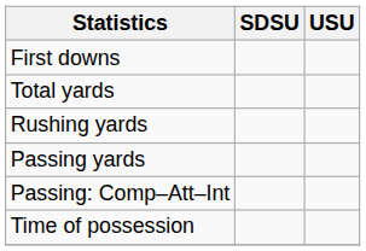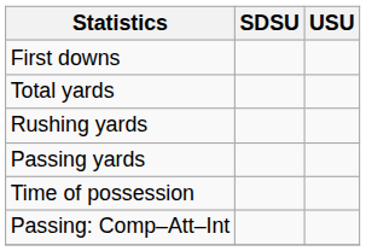 <table class="wikitable" style="float: left;">
 <tr>
 <th>Statistics</th>
 <th>SDSU</th>
 <th>USU</th>
 </tr>
 <tr>
 <td>First downs</td>
 <td></td>
 <td></td>
 </tr>
 <tr>
 <td>Total yards</td>
 <td></td>
 <td></td>
 </tr>
 <tr>
 <td>Rushing yards</td>
 <td></td>
 <td></td>
 </tr>
 <tr>
 <td>Passing yards</td>
 <td></td>
 <td></td>
 </tr>
 <tr>
-<td>Passing: Comp–Att–Int</td>
+<td>Time of possession</td>
 <td></td>
 <td></td>
 </tr>
 <tr>
-<td>Time of possession</td>
+<td>Passing: Comp–Att–Int</td>
 <td></td>
 <td></td>
 </tr>
 <tr>
 </tr>
 </table>
